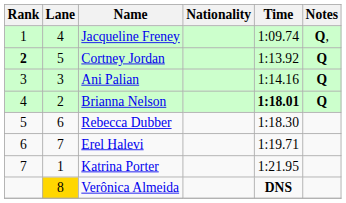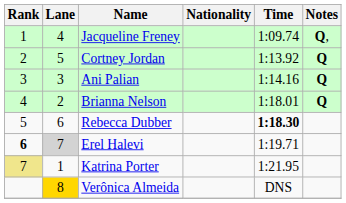 <table class="wikitable">
 <tr>
 <th>Rank</th>
 <th>Lane</th>
 <th>Name</th>
 <th>Nationality</th>
 <th>Time</th>
 <th>Notes</th>
 </tr>
 <tr bgcolor=ccffcc>
 <td align=center>1</td>
 <td align=center>4</td>
 <td><a href='#'>Jacqueline Freney</a></td>
 <td></td>
 <td align=center>1:09.74</td>
 <td align=center><strong>Q</strong>, <strong></strong></td>
 </tr>
 <tr bgcolor=ccffcc>
-<td align=center><strong>2</strong></td>
+<td align=center>2</td>
 <td align=center>5</td>
 <td><a href='#'>Cortney Jordan</a></td>
 <td></td>
 <td align=center>1:13.92</td>
 <td align=center><strong>Q</strong></td>
 </tr>
 <tr bgcolor=ccffcc>
 <td align=center>3</td>
 <td align=center>3</td>
 <td><a href='#'>Ani Palian</a></td>
 <td></td>
 <td align=center>1:14.16</td>
 <td align=center><strong>Q</strong></td>
 </tr>
 <tr bgcolor=ccffcc>
 <td align=center>4</td>
 <td align=center>2</td>
 <td><a href='#'>Brianna Nelson</a></td>
 <td></td>
-<td align=center><strong>1:18.01</strong></td>
+<td align=center>1:18.01</td>
 <td align=center><strong>Q</strong></td>
 </tr>
 <tr>
 <td align=center>5</td>
 <td align=center>6</td>
 <td><a href='#'>Rebecca Dubber</a></td>
 <td></td>
-<td align=center>1:18.30</td>
+<td align=center><strong>1:18.30</strong></td>
 <td align=center></td>
 </tr>
 <tr>
-<td align=center>6</td>
-<td align=center>7</td>
+<td align=center><strong>6</strong></td>
+<td align=center style="background: lightgrey;">7</td>
 <td><a href='#'>Erel Halevi</a></td>
 <td></td>
 <td align=center>1:19.71</td>
 <td align=center></td>
 </tr>
 <tr>
-<td align=center>7</td>
+<td align=center style="background: khaki;">7</td>
 <td align=center>1</td>
 <td><a href='#'>Katrina Porter</a></td>
 <td></td>
 <td align=center>1:21.95</td>
 <td align=center></td>
 </tr>
 <tr>
 <td align=center></td>
 <td align=center style="background: gold;">8</td>
 <td><a href='#'>Verônica Almeida</a></td>
 <td></td>
-<td align=center><strong>DNS</strong></td>
+<td align=center>DNS</td>
 <td align=center></td>
 </tr>
 <tr>
 </tr>
 </table>
